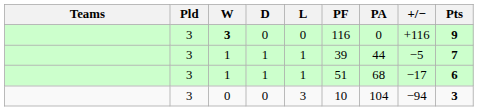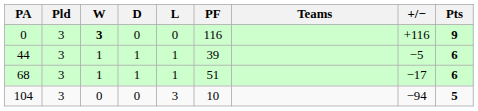 <table class="wikitable" style="text-align: center;">
 <tr>
-<th width="200">Teams</th>
+<th width="40">PA</th>
 <th width="40">Pld</th>
 <th width="40">W</th>
 <th width="40">D</th>
 <th width="40">L</th>
 <th width="40">PF</th>
-<th width="40">PA</th>
+<th width="200">Teams</th>
 <th width="40">+/−</th>
 <th width="40">Pts</th>
 </tr>
 <tr style="background:#cfc; width:20px;">
-<td align=left></td>
+<td>0</td>
 <td>3</td>
 <td><strong>3</strong></td>
 <td>0</td>
 <td>0</td>
 <td>116</td>
-<td>0</td>
+<td align=left></td>
 <td>+116</td>
 <td><strong>9</strong></td>
 </tr>
 <tr style="background:#cfc; width:20px;">
-<td align=left></td>
+<td>44</td>
 <td>3</td>
 <td>1</td>
 <td>1</td>
 <td>1</td>
 <td>39</td>
-<td>44</td>
+<td align=left></td>
 <td>−5</td>
-<td><strong>7</strong></td>
+<td><strong>6</strong></td>
 </tr>
 <tr style="background:#cfc; width:20px;">
-<td align=left></td>
+<td>68</td>
 <td>3</td>
 <td>1</td>
 <td>1</td>
 <td>1</td>
 <td>51</td>
-<td>68</td>
+<td align=left></td>
 <td>−17</td>
 <td><strong>6</strong></td>
 </tr>
 <tr>
-<td align=left></td>
+<td>104</td>
 <td>3</td>
 <td>0</td>
 <td>0</td>
 <td>3</td>
 <td>10</td>
-<td>104</td>
+<td align=left></td>
 <td>−94</td>
-<td><strong>3</strong></td>
+<td><strong>5</strong></td>
 </tr>
 </table>
